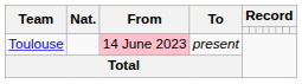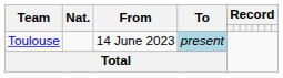 <table class="wikitable" style="text-align: center">
 <tr>
 <th rowspan="2">Team</th>
 <th rowspan="2">Nat.</th>
 <th rowspan="2">From</th>
 <th rowspan="2">To</th>
 <th colspan="8">Record</th>
 </tr>
 <tr>
 <th></th>
 <th></th>
 <th></th>
 <th></th>
 <th></th>
 <th></th>
 <th></th>
 <th></th>
 </tr>
 <tr>
 <td align="center"><a href='#'>Toulouse</a></td>
 <td></td>
-<td align="center" style="background: pink;">14 June 2023</td>
-<td align="center"><em>present</em><br></td>
+<td align="center">14 June 2023</td>
+<td align="center" style="background: lightblue;"><em>present</em><br></td>
 </tr>
 <tr>
 <th colspan="4">Total<br></th>
 </tr>
 </table>
